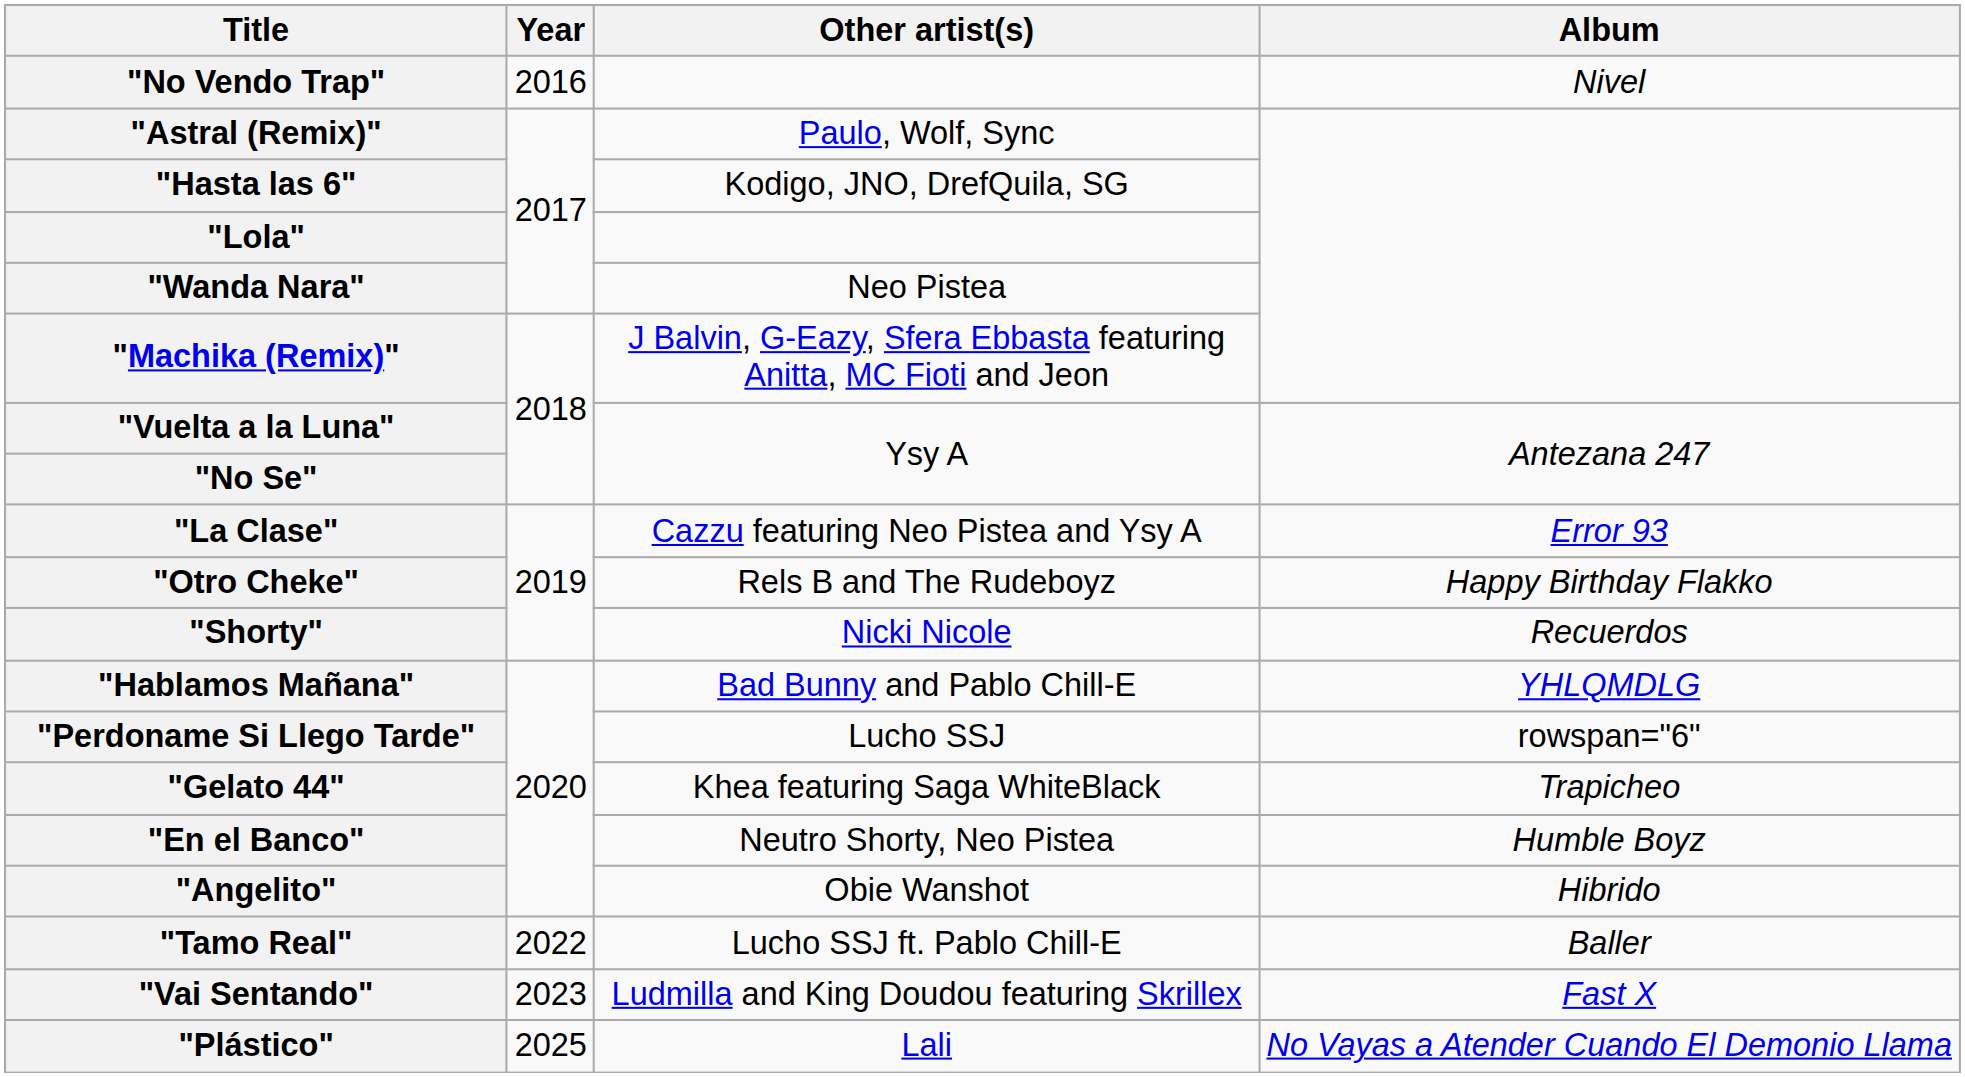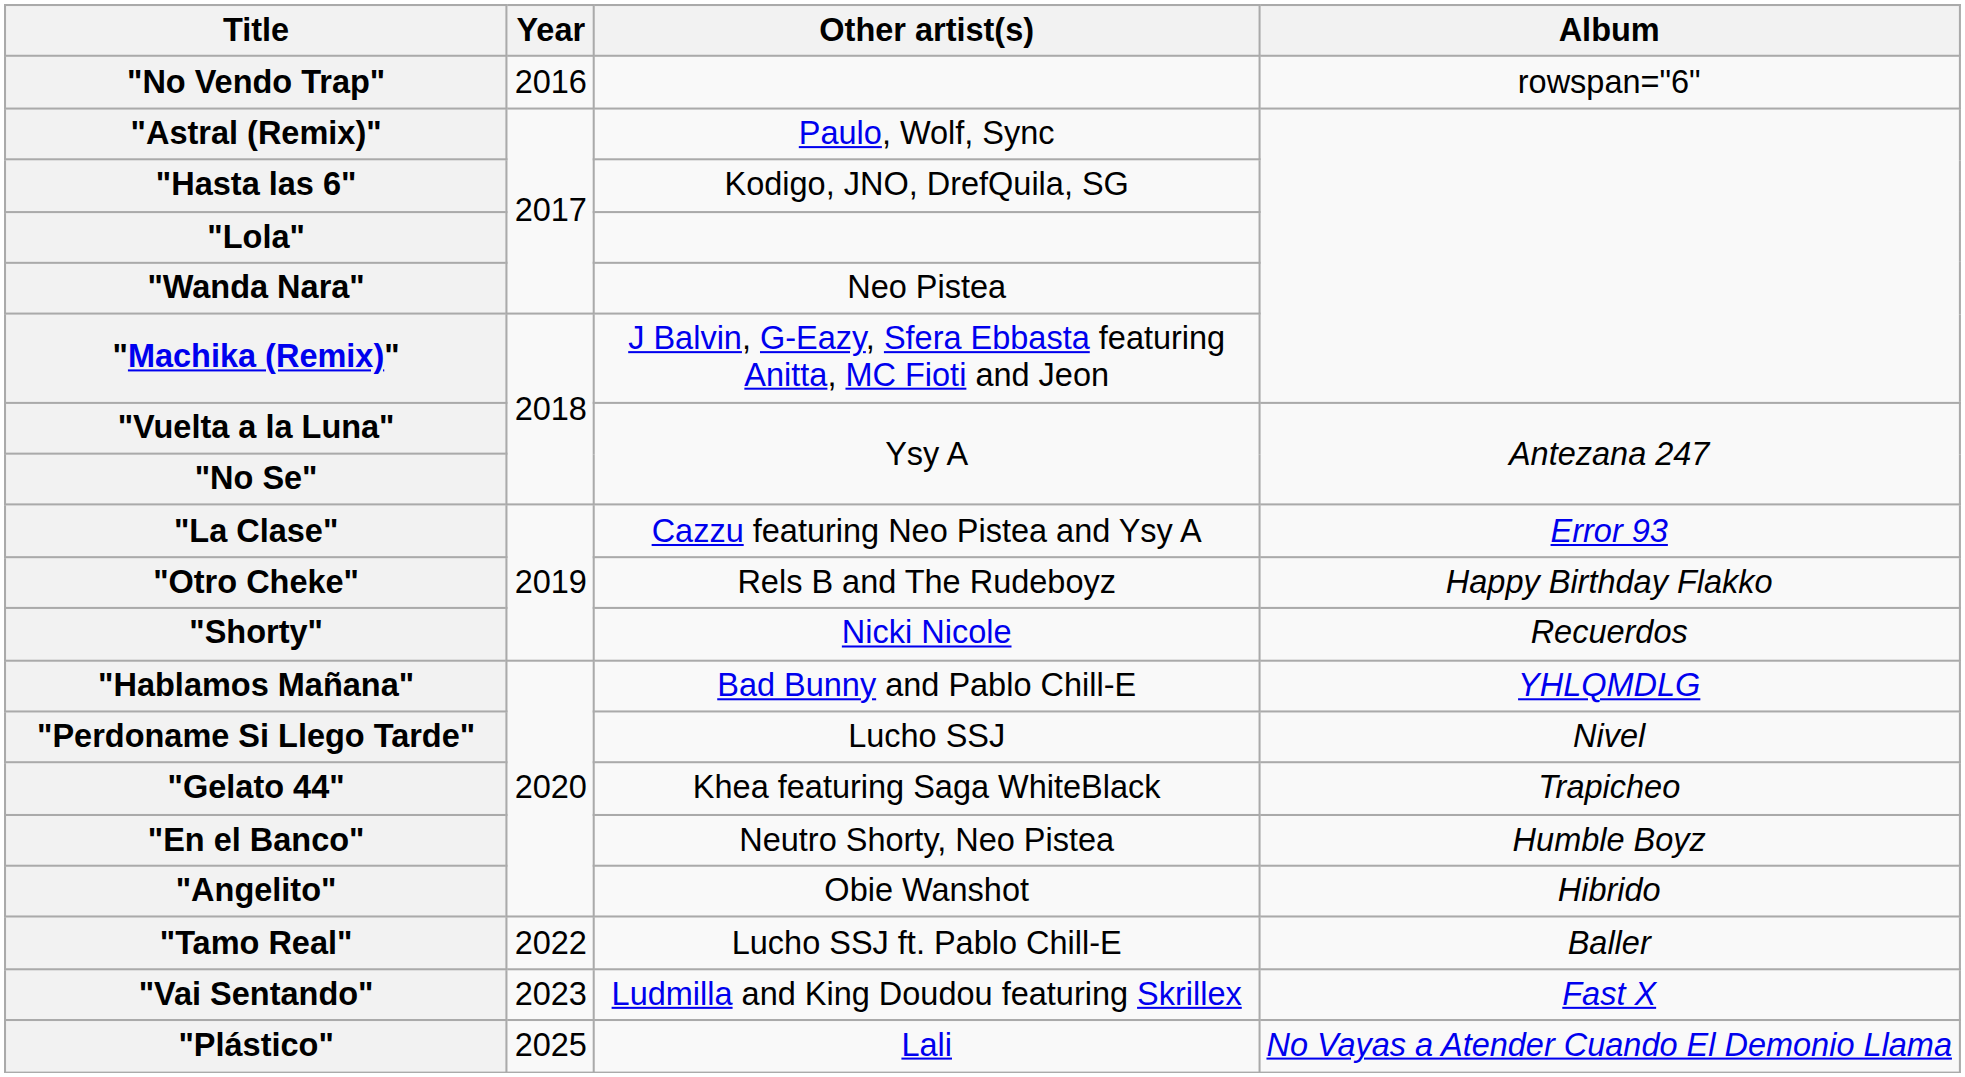 <table class="wikitable plainrowheaders" style="text-align:center;">
 <tr>
 <th scope="col" style="width:15em;">Title</th>
 <th scope="col">Year</th>
 <th scope="col" style="width:20em;">Other artist(s)</th>
 <th scope="col">Album</th>
 </tr>
 <tr>
 <th scope="row">"No Vendo Trap"</th>
 <td>2016</td>
 <td></td>
-<td><em>Nivel</em></td>
+<td>rowspan="6" </td>
 </tr>
 <tr>
 <th scope="row">"Astral (Remix)"</th>
 <td rowspan="4">2017</td>
 <td><a href='#'>Paulo</a>, Wolf, Sync</td>
 </tr>
 <tr>
 <th scope="row">"Hasta las 6"</th>
 <td>Kodigo, JNO, DrefQuila, SG</td>
 </tr>
 <tr>
 <th scope="row">"Lola"</th>
 <td></td>
 </tr>
 <tr>
 <th scope="row">"Wanda Nara"</th>
 <td>Neo Pistea</td>
 </tr>
 <tr>
 <th scope="row">"<a href='#'>Machika (Remix)</a>"</th>
 <td rowspan="3">2018</td>
 <td><a href='#'>J Balvin</a>, <a href='#'>G-Eazy</a>, <a href='#'>Sfera Ebbasta</a> featuring <a href='#'>Anitta</a>, <a href='#'>MC Fioti</a> and Jeon</td>
 </tr>
 <tr>
 <th scope="row">"Vuelta a la Luna"</th>
 <td rowspan="2">Ysy A</td>
 <td rowspan="2"><em>Antezana 247</em></td>
 </tr>
 <tr>
 <th scope="row">"No Se"</th>
 </tr>
 <tr>
 <th scope="row">"La Clase"</th>
 <td rowspan="3">2019</td>
 <td><a href='#'>Cazzu</a> featuring Neo Pistea and Ysy A</td>
 <td><em><a href='#'>Error 93</a></em></td>
 </tr>
 <tr>
 <th scope="row">"Otro Cheke"</th>
 <td>Rels B and The Rudeboyz</td>
 <td><em>Happy Birthday Flakko</em></td>
 </tr>
 <tr>
 <th scope="row">"Shorty"</th>
 <td><a href='#'>Nicki Nicole</a></td>
 <td><em>Recuerdos</em></td>
 </tr>
 <tr>
 <th scope="row">"Hablamos Mañana"</th>
 <td rowspan="5">2020</td>
 <td><a href='#'>Bad Bunny</a> and Pablo Chill-E</td>
 <td><em><a href='#'>YHLQMDLG</a></em></td>
 </tr>
 <tr>
 <th scope="row">"Perdoname Si Llego Tarde"</th>
 <td>Lucho SSJ</td>
-<td>rowspan="6" </td>
+<td><em>Nivel</em></td>
 </tr>
 <tr>
 <th scope="row">"Gelato 44"</th>
 <td>Khea featuring Saga WhiteBlack</td>
 <td><em>Trapicheo</em></td>
 </tr>
 <tr>
 <th scope="row">"En el Banco"</th>
 <td>Neutro Shorty, Neo Pistea</td>
 <td><em>Humble Boyz</em></td>
 </tr>
 <tr>
 <th scope="row">"Angelito"</th>
 <td>Obie Wanshot</td>
 <td><em>Hibrido</em></td>
 </tr>
 <tr>
 <th scope="row">"Tamo Real"</th>
 <td>2022</td>
 <td>Lucho SSJ ft. Pablo Chill-E</td>
 <td><em>Baller</em></td>
 </tr>
 <tr>
 <th scope="row">"Vai Sentando"</th>
 <td>2023</td>
 <td><a href='#'>Ludmilla</a> and King Doudou featuring <a href='#'>Skrillex</a></td>
 <td><em><a href='#'>Fast X</a></em></td>
 </tr>
 <tr>
 <th scope="row">"Plástico"</th>
 <td>2025</td>
 <td><a href='#'>Lali</a></td>
 <td><em><a href='#'>No Vayas a Atender Cuando El Demonio Llama</a></em></td>
 </tr>
 <tr>
 </tr>
 </table>
